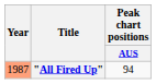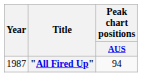 <table class="wikitable plainrowheaders" style="text-align:center;" border="1">
 <tr>
 <th scope="col" rowspan="2">Year</th>
 <th scope="col" rowspan="2">Title</th>
 <th scope="col" colspan="1">Peak chart positions</th>
 </tr>
 <tr>
 <th scope="col" style="width:3em; font-size:90%"><a href='#'>AUS</a><br></th>
 </tr>
 <tr>
-<td style="background: lightsalmon;">1987</td>
+<td>1987</td>
 <th scope="row">"<a href='#'>All Fired Up</a>"</th>
 <td>94</td>
 </tr>
 </table>
